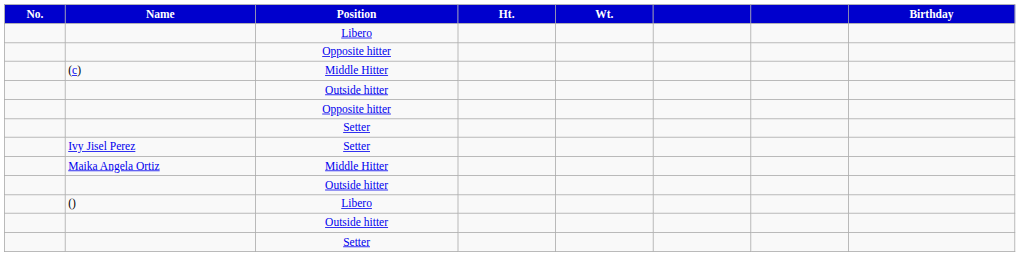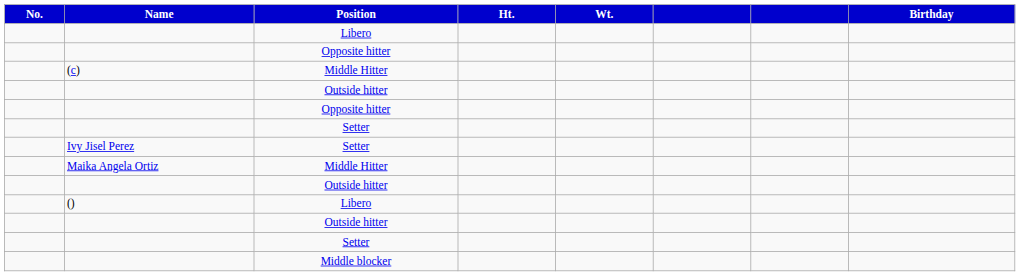 <table class="wikitable sortable" style="font-size:90%; text-align:center; width:100%;">
 <tr>
 <th style="background:#0000CD; color:white; text-align: center"><strong>No.</strong></th>
 <th style="width:16em; background:#0000CD; color:white;">Name</th>
 <th style="background:#0000CD; color:white; text-align: center"><strong>Position</strong></th>
 <th style="width:8em; background:#0000CD; color:white;">Ht.</th>
 <th style="width:8em; background:#0000CD; color:white;">Wt.</th>
 <th style="width:8em; background:#0000CD; color:white;"></th>
 <th style="width:8em; background:#0000CD; color:white;"></th>
 <th style="width:14em; background:#0000CD; color:white;">Birthday</th>
 </tr>
 <tr>
 <td></td>
 <td align=left></td>
 <td><a href='#'>Libero</a></td>
 <td></td>
 <td></td>
 <td></td>
 <td></td>
 <td align=right></td>
 </tr>
 <tr>
 <td></td>
 <td align=left></td>
 <td><a href='#'>Opposite hitter</a></td>
 <td></td>
 <td></td>
 <td></td>
 <td></td>
 <td align=right></td>
 </tr>
 <tr>
 <td></td>
 <td align=left> (<a href='#'>c</a>)</td>
 <td><a href='#'>Middle Hitter</a></td>
 <td></td>
 <td></td>
 <td></td>
 <td></td>
 <td align=right></td>
 </tr>
 <tr>
 <td></td>
 <td align=left></td>
 <td><a href='#'>Outside hitter</a></td>
 <td></td>
 <td></td>
 <td></td>
 <td></td>
 <td align=right></td>
 </tr>
 <tr>
 <td></td>
 <td align=left></td>
 <td><a href='#'>Opposite hitter</a></td>
 <td></td>
 <td></td>
 <td></td>
 <td></td>
 <td align=right></td>
 </tr>
 <tr>
 <td></td>
 <td align=left></td>
 <td><a href='#'>Setter</a></td>
 <td></td>
 <td></td>
 <td></td>
 <td></td>
 <td align=right></td>
 </tr>
 <tr>
 <td></td>
 <td align=left><a href='#'>Ivy Jisel Perez</a></td>
 <td><a href='#'>Setter</a></td>
 <td></td>
 <td></td>
 <td></td>
 <td></td>
 <td align=right></td>
 </tr>
 <tr>
 <td></td>
 <td align=left><a href='#'>Maika Angela Ortiz</a></td>
 <td><a href='#'>Middle Hitter</a></td>
 <td></td>
 <td></td>
 <td></td>
 <td></td>
 <td align=right></td>
 </tr>
 <tr>
 <td></td>
 <td align=left></td>
 <td><a href='#'>Outside hitter</a></td>
 <td></td>
 <td></td>
 <td></td>
 <td></td>
 <td align=right></td>
 </tr>
 <tr>
 <td></td>
 <td align=left> ()</td>
 <td><a href='#'>Libero</a></td>
 <td></td>
 <td></td>
 <td></td>
 <td></td>
 <td align=right></td>
 </tr>
 <tr>
 <td></td>
 <td align=left></td>
 <td><a href='#'>Outside hitter</a></td>
 <td></td>
 <td></td>
 <td></td>
 <td></td>
 <td align=right></td>
 </tr>
 <tr>
 <td></td>
 <td align=left></td>
 <td><a href='#'>Setter</a></td>
 <td></td>
 <td></td>
 <td></td>
 <td></td>
 <td align=right></td>
 </tr>
+<tr>
+<td></td>
+<td align=left></td>
+<td><a href='#'>Middle blocker</a></td>
+<td></td>
+<td></td>
+<td></td>
+<td></td>
+<td align=right></td>
+</tr>
 </table>
